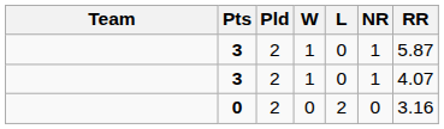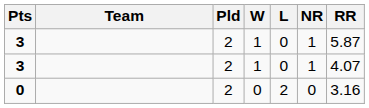 <table class="wikitable" style="text-align:center;">
 <tr>
+<th style="width:20px;" abbr="Points">Pts</th>
 <th width=175>Team</th>
-<th style="width:20px;" abbr="Points">Pts</th>
 <th style="width:20px;" abbr="Played">Pld</th>
 <th style="width:20px;" abbr="Won">W</th>
 <th style="width:20px;" abbr="Lost">L</th>
 <th style="width:20px;" abbr="No Result">NR</th>
 <th style="width:20px;" abbr="Run Rate">RR</th>
 </tr>
 <tr>
+<td><strong>3</strong></td>
 <td style="text-align:left;"></td>
-<td><strong>3</strong></td>
 <td>2</td>
 <td>1</td>
 <td>0</td>
 <td>1</td>
 <td>5.87</td>
 </tr>
 <tr>
+<td><strong>3</strong></td>
 <td style="text-align:left;"></td>
-<td><strong>3</strong></td>
 <td>2</td>
 <td>1</td>
 <td>0</td>
 <td>1</td>
 <td>4.07</td>
 </tr>
 <tr>
+<td><strong>0</strong></td>
 <td style="text-align:left;"></td>
-<td><strong>0</strong></td>
 <td>2</td>
 <td>0</td>
 <td>2</td>
 <td>0</td>
 <td>3.16</td>
 </tr>
 </table>
